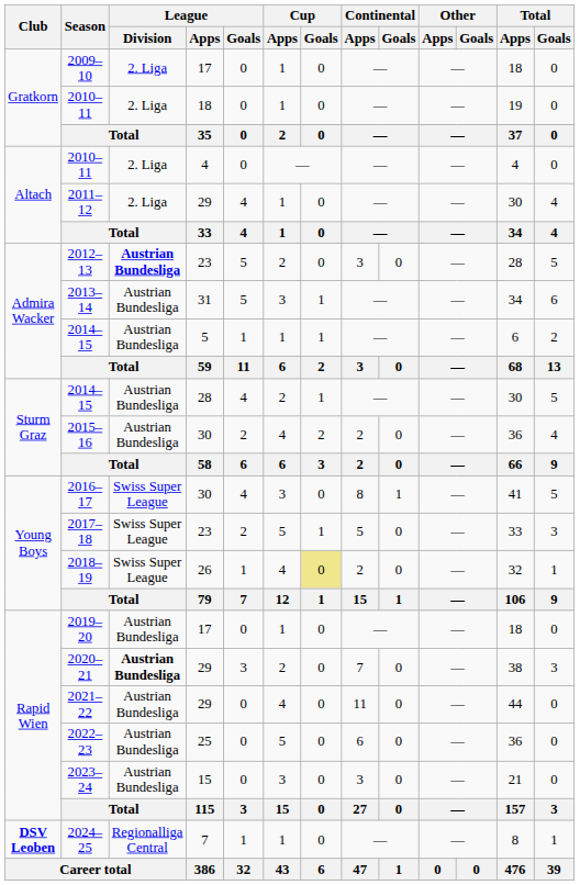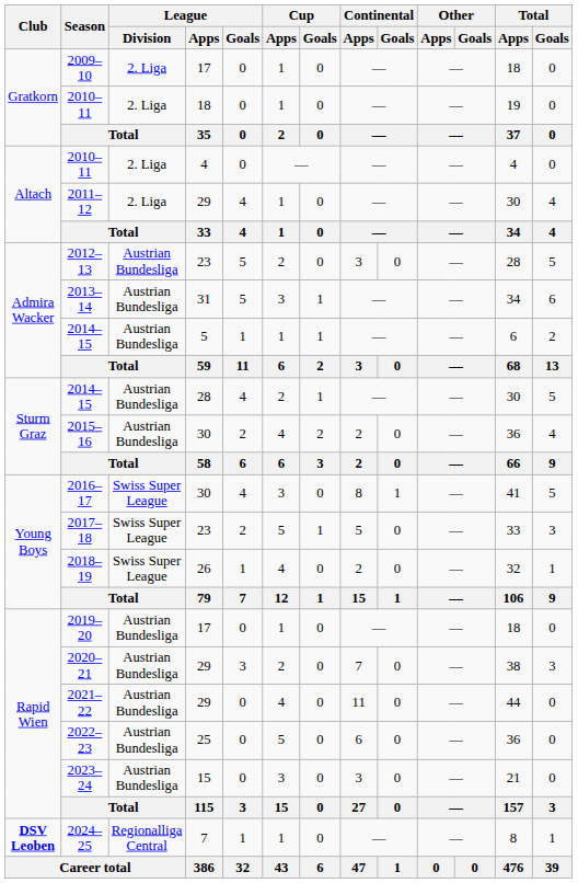 <table class="wikitable" style="text-align: center">
 <tr>
 <th rowspan="2">Club</th>
 <th rowspan="2">Season</th>
 <th colspan="3">League</th>
 <th colspan="2">Cup</th>
 <th colspan="2">Continental</th>
 <th colspan="2">Other</th>
 <th colspan="2">Total</th>
 </tr>
 <tr>
 <th>Division</th>
 <th>Apps</th>
 <th>Goals</th>
 <th>Apps</th>
 <th>Goals</th>
 <th>Apps</th>
 <th>Goals</th>
 <th>Apps</th>
 <th>Goals</th>
 <th>Apps</th>
 <th>Goals</th>
 </tr>
 <tr>
 <td rowspan="3"><a href='#'>Gratkorn</a></td>
 <td><a href='#'>2009–10</a></td>
 <td><a href='#'>2. Liga</a></td>
 <td>17</td>
 <td>0</td>
 <td>1</td>
 <td>0</td>
 <td colspan="2">—</td>
 <td colspan="2">—</td>
 <td>18</td>
 <td>0</td>
 </tr>
 <tr>
 <td><a href='#'>2010–11</a></td>
 <td>2. Liga</td>
 <td>18</td>
 <td>0</td>
 <td>1</td>
 <td>0</td>
 <td colspan="2">—</td>
 <td colspan="2">—</td>
 <td>19</td>
 <td>0</td>
 </tr>
 <tr>
 <th colspan="2">Total</th>
 <th>35</th>
 <th>0</th>
 <th>2</th>
 <th>0</th>
 <th colspan="2">—</th>
 <th colspan="2">—</th>
 <th>37</th>
 <th>0</th>
 </tr>
 <tr>
 <td rowspan="3"><a href='#'>Altach</a></td>
 <td><a href='#'>2010–11</a></td>
 <td>2. Liga</td>
 <td>4</td>
 <td>0</td>
 <td colspan="2">—</td>
 <td colspan="2">—</td>
 <td colspan="2">—</td>
 <td>4</td>
 <td>0</td>
 </tr>
 <tr>
 <td><a href='#'>2011–12</a></td>
 <td>2. Liga</td>
 <td>29</td>
 <td>4</td>
 <td>1</td>
 <td>0</td>
 <td colspan="2">—</td>
 <td colspan="2">—</td>
 <td>30</td>
 <td>4</td>
 </tr>
 <tr>
 <th colspan="2">Total</th>
 <th>33</th>
 <th>4</th>
 <th>1</th>
 <th>0</th>
 <th colspan="2">—</th>
 <th colspan="2">—</th>
 <th>34</th>
 <th>4</th>
 </tr>
 <tr>
 <td rowspan="4"><a href='#'>Admira Wacker</a></td>
 <td><a href='#'>2012–13</a></td>
-<td><strong><a href='#'>Austrian Bundesliga</a></strong></td>
+<td><a href='#'>Austrian Bundesliga</a></td>
 <td>23</td>
 <td>5</td>
 <td>2</td>
 <td>0</td>
 <td>3</td>
 <td>0</td>
 <td colspan="2">—</td>
 <td>28</td>
 <td>5</td>
 </tr>
 <tr>
 <td><a href='#'>2013–14</a></td>
 <td>Austrian Bundesliga</td>
 <td>31</td>
 <td>5</td>
 <td>3</td>
 <td>1</td>
 <td colspan="2">—</td>
 <td colspan="2">—</td>
 <td>34</td>
 <td>6</td>
 </tr>
 <tr>
 <td><a href='#'>2014–15</a></td>
 <td>Austrian Bundesliga</td>
 <td>5</td>
 <td>1</td>
 <td>1</td>
 <td>1</td>
 <td colspan="2">—</td>
 <td colspan="2">—</td>
 <td>6</td>
 <td>2</td>
 </tr>
 <tr>
 <th colspan="2">Total</th>
 <th>59</th>
 <th>11</th>
 <th>6</th>
 <th>2</th>
 <th>3</th>
 <th>0</th>
 <th colspan="2">—</th>
 <th>68</th>
 <th>13</th>
 </tr>
 <tr>
 <td rowspan="3"><a href='#'>Sturm Graz</a></td>
 <td><a href='#'>2014–15</a></td>
 <td>Austrian Bundesliga</td>
 <td>28</td>
 <td>4</td>
 <td>2</td>
 <td>1</td>
 <td colspan="2">—</td>
 <td colspan="2">—</td>
 <td>30</td>
 <td>5</td>
 </tr>
 <tr>
 <td><a href='#'>2015–16</a></td>
 <td>Austrian Bundesliga</td>
 <td>30</td>
 <td>2</td>
 <td>4</td>
 <td>2</td>
 <td>2</td>
 <td>0</td>
 <td colspan="2">—</td>
 <td>36</td>
 <td>4</td>
 </tr>
 <tr>
 <th colspan="2">Total</th>
 <th>58</th>
 <th>6</th>
 <th>6</th>
 <th>3</th>
 <th>2</th>
 <th>0</th>
 <th colspan="2">—</th>
 <th>66</th>
 <th>9</th>
 </tr>
 <tr>
 <td rowspan="4"><a href='#'>Young Boys</a></td>
 <td><a href='#'>2016–17</a></td>
 <td><a href='#'>Swiss Super League</a></td>
 <td>30</td>
 <td>4</td>
 <td>3</td>
 <td>0</td>
 <td>8</td>
 <td>1</td>
 <td colspan="2">—</td>
 <td>41</td>
 <td>5</td>
 </tr>
 <tr>
 <td><a href='#'>2017–18</a></td>
 <td>Swiss Super League</td>
 <td>23</td>
 <td>2</td>
 <td>5</td>
 <td>1</td>
 <td>5</td>
 <td>0</td>
 <td colspan="2">—</td>
 <td>33</td>
 <td>3</td>
 </tr>
 <tr>
 <td><a href='#'>2018–19</a></td>
 <td>Swiss Super League</td>
 <td>26</td>
 <td>1</td>
 <td>4</td>
-<td style="background: khaki;">0</td>
+<td>0</td>
 <td>2</td>
 <td>0</td>
 <td colspan="2">—</td>
 <td>32</td>
 <td>1</td>
 </tr>
 <tr>
 <th colspan="2">Total</th>
 <th>79</th>
 <th>7</th>
 <th>12</th>
 <th>1</th>
 <th>15</th>
 <th>1</th>
 <th colspan="2">—</th>
 <th>106</th>
 <th>9</th>
 </tr>
 <tr>
 <td rowspan="6"><a href='#'>Rapid Wien</a></td>
 <td><a href='#'>2019–20</a></td>
 <td>Austrian Bundesliga</td>
 <td>17</td>
 <td>0</td>
 <td>1</td>
 <td>0</td>
 <td colspan="2">—</td>
 <td colspan="2">—</td>
 <td>18</td>
 <td>0</td>
 </tr>
 <tr>
 <td><a href='#'>2020–21</a></td>
-<td><strong>Austrian Bundesliga</strong></td>
+<td>Austrian Bundesliga</td>
 <td>29</td>
 <td>3</td>
 <td>2</td>
 <td>0</td>
 <td>7</td>
 <td>0</td>
 <td colspan="2">—</td>
 <td>38</td>
 <td>3</td>
 </tr>
 <tr>
 <td><a href='#'>2021–22</a></td>
 <td>Austrian Bundesliga</td>
 <td>29</td>
 <td>0</td>
 <td>4</td>
 <td>0</td>
 <td>11</td>
 <td>0</td>
 <td colspan="2">—</td>
 <td>44</td>
 <td>0</td>
 </tr>
 <tr>
 <td><a href='#'>2022–23</a></td>
 <td>Austrian Bundesliga</td>
 <td>25</td>
 <td>0</td>
 <td>5</td>
 <td>0</td>
 <td>6</td>
 <td>0</td>
 <td colspan="2">—</td>
 <td>36</td>
 <td>0</td>
 </tr>
 <tr>
 <td><a href='#'>2023–24</a></td>
 <td>Austrian Bundesliga</td>
 <td>15</td>
 <td>0</td>
 <td>3</td>
 <td>0</td>
 <td>3</td>
 <td>0</td>
 <td colspan="2">—</td>
 <td>21</td>
 <td>0</td>
 </tr>
 <tr>
 <th colspan="2">Total</th>
 <th>115</th>
 <th>3</th>
 <th>15</th>
 <th>0</th>
 <th>27</th>
 <th>0</th>
 <th colspan="2">—</th>
 <th>157</th>
 <th>3</th>
 </tr>
 <tr>
 <td><strong><a href='#'>DSV Leoben</a></strong></td>
 <td><a href='#'>2024–25</a></td>
 <td><a href='#'>Regionalliga Central</a></td>
 <td>7</td>
 <td>1</td>
 <td>1</td>
 <td>0</td>
 <td colspan="2">—</td>
 <td colspan="2">—</td>
 <td>8</td>
 <td>1</td>
 </tr>
 <tr>
 <th colspan="3">Career total</th>
 <th>386</th>
 <th>32</th>
 <th>43</th>
 <th>6</th>
 <th>47</th>
 <th>1</th>
 <th>0</th>
 <th>0</th>
 <th>476</th>
 <th>39</th>
 </tr>
 </table>
